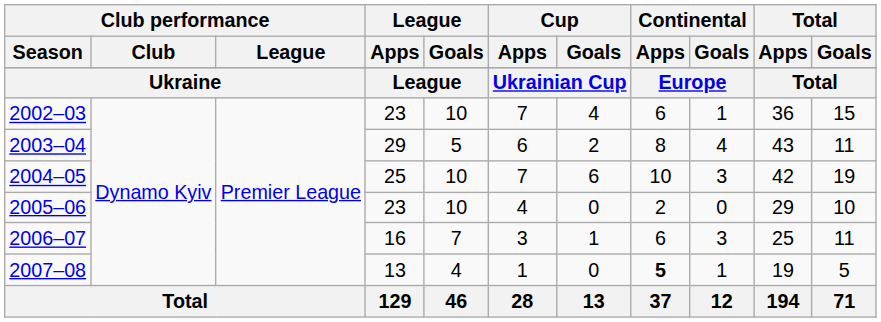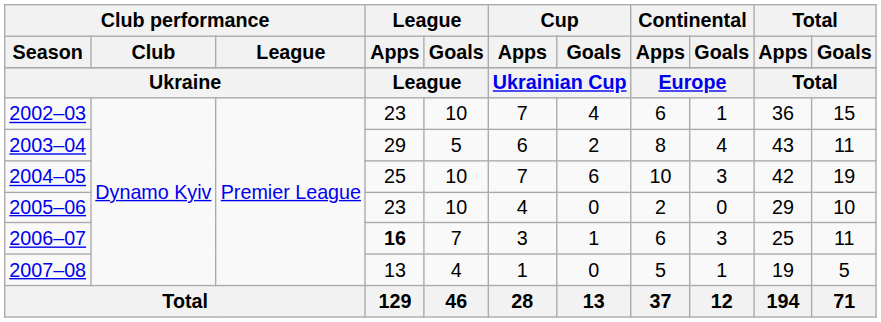 <table class="wikitable" style="font-size:90%; text-align: center;">
 <tr>
 <th colspan=3>Club performance</th>
 <th colspan=2>League</th>
 <th colspan=2>Cup</th>
 <th colspan=2>Continental</th>
 <th colspan=2>Total</th>
 </tr>
 <tr>
 <th>Season</th>
 <th>Club</th>
 <th>League</th>
 <th>Apps</th>
 <th>Goals</th>
 <th>Apps</th>
 <th>Goals</th>
 <th>Apps</th>
 <th>Goals</th>
 <th>Apps</th>
 <th>Goals</th>
 </tr>
 <tr>
 </tr>
 <tr>
 <th colspan=3>Ukraine</th>
 <th colspan=2>League</th>
 <th colspan=2><a href='#'>Ukrainian Cup</a></th>
 <th colspan=2><a href='#'>Europe</a></th>
 <th colspan=2>Total</th>
 </tr>
 <tr>
 <td><a href='#'>2002–03</a></td>
 <td rowspan=6><a href='#'>Dynamo Kyiv</a></td>
 <td rowspan=6><a href='#'>Premier League</a></td>
 <td>23</td>
 <td>10</td>
 <td>7</td>
 <td>4</td>
 <td>6</td>
 <td>1</td>
 <td>36</td>
 <td>15</td>
 </tr>
 <tr>
 <td><a href='#'>2003–04</a></td>
 <td>29</td>
 <td>5</td>
 <td>6</td>
 <td>2</td>
 <td>8</td>
 <td>4</td>
 <td>43</td>
 <td>11</td>
 </tr>
 <tr>
 <td><a href='#'>2004–05</a></td>
 <td>25</td>
 <td>10</td>
 <td>7</td>
 <td>6</td>
 <td>10</td>
 <td>3</td>
 <td>42</td>
 <td>19</td>
 </tr>
 <tr>
 <td><a href='#'>2005–06</a></td>
 <td>23</td>
 <td>10</td>
 <td>4</td>
 <td>0</td>
 <td>2</td>
 <td>0</td>
 <td>29</td>
 <td>10</td>
 </tr>
 <tr>
 <td><a href='#'>2006–07</a></td>
-<td>16</td>
+<td><strong>16</strong></td>
 <td>7</td>
 <td>3</td>
 <td>1</td>
 <td>6</td>
 <td>3</td>
 <td>25</td>
 <td>11</td>
 </tr>
 <tr>
 <td><a href='#'>2007–08</a></td>
 <td>13</td>
 <td>4</td>
 <td>1</td>
 <td>0</td>
-<td><strong>5</strong></td>
+<td>5</td>
 <td>1</td>
 <td>19</td>
 <td>5</td>
 </tr>
 <tr>
 <th colspan="3">Total</th>
 <th>129</th>
 <th>46</th>
 <th>28</th>
 <th>13</th>
 <th>37</th>
 <th>12</th>
 <th>194</th>
 <th>71</th>
 </tr>
 </table>
